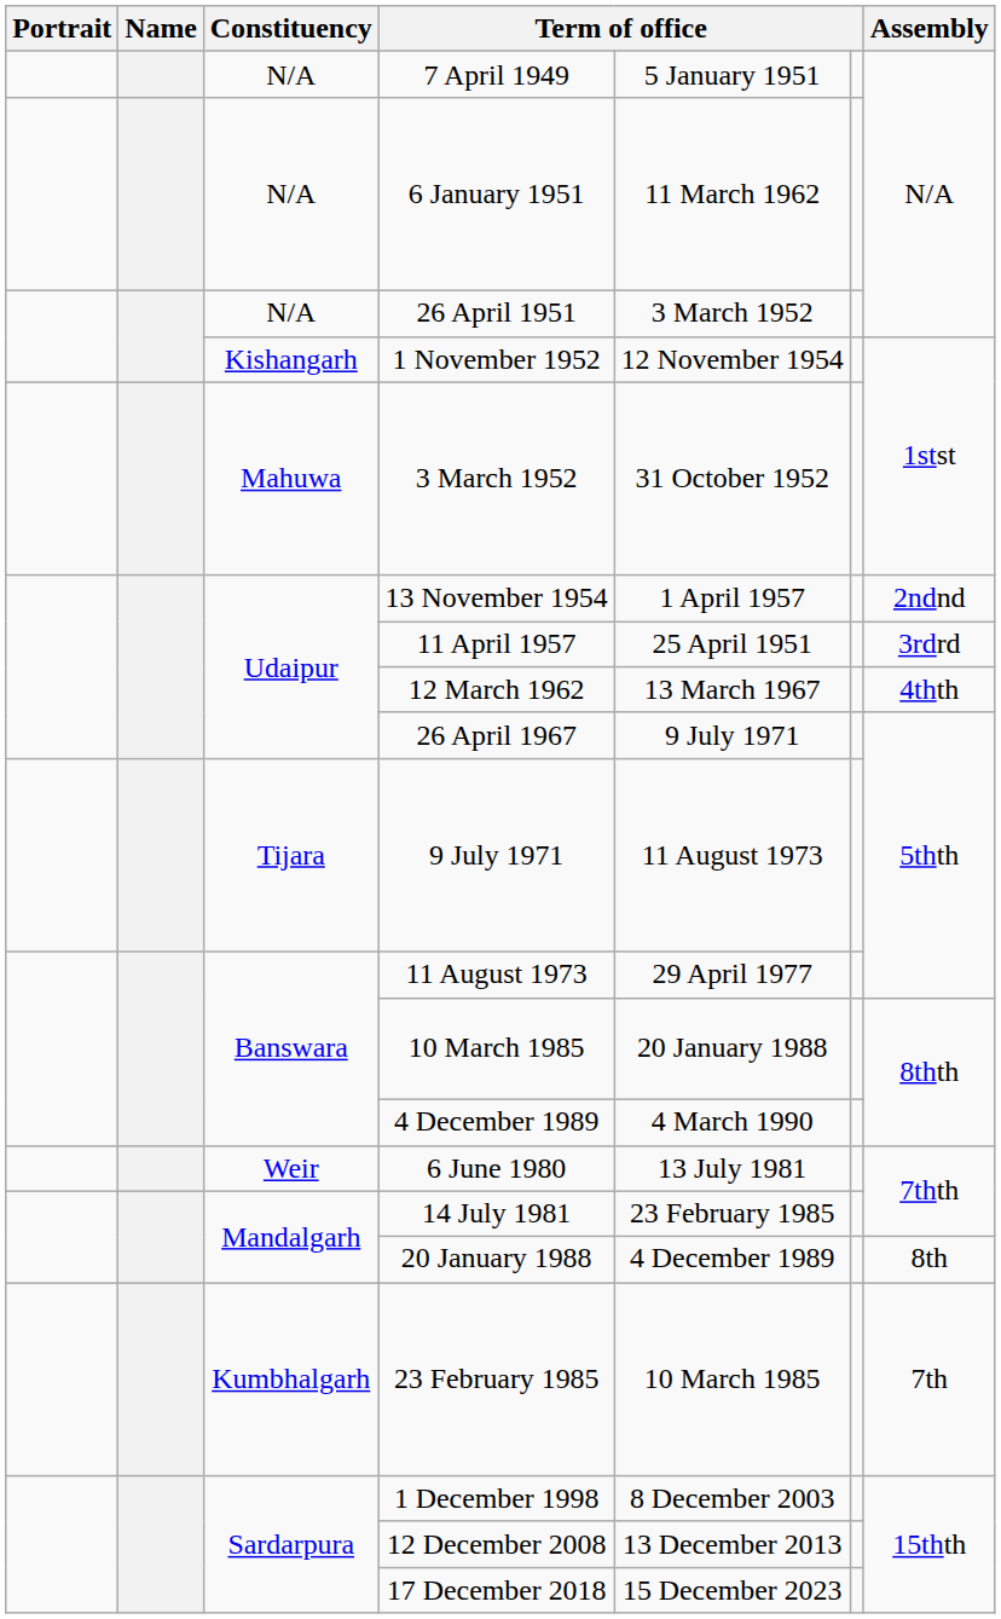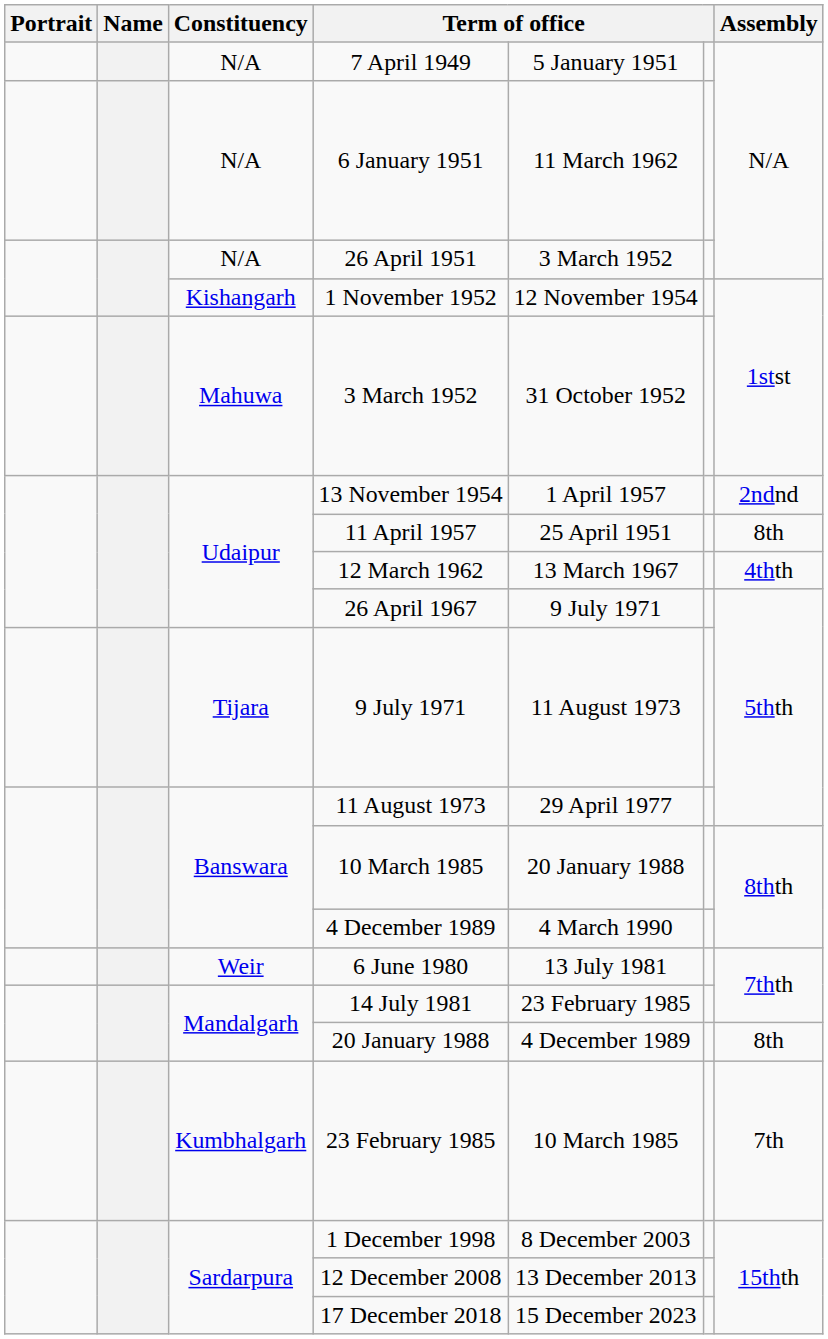 <table class="wikitable sortable" style="text-align:center">
 <tr align=center>
 <th class="unsortable" scope="col">Portrait</th>
 <th scope="col" class="sortable">Name</th>
 <th scope="col">Constituency</th>
 <th colspan=3 scope="colgroup">Term of office</th>
 <th>Assembly</th>
 </tr>
 <tr align=center>
 <td></td>
 <th scope="row"></th>
 <td>N/A</td>
 <td>7 April 1949</td>
 <td>5 January 1951</td>
 <td></td>
 <td rowspan="3">N/A</td>
 </tr>
 <tr align=center>
 <td align="center" height="100px"></td>
 <th scope="row"></th>
 <td>N/A</td>
 <td>6 January 1951</td>
 <td>11 March 1962</td>
 <td></td>
 </tr>
 <tr align=center>
 <td rowspan="2"></td>
 <th scope="row" rowspan="2"></th>
 <td>N/A</td>
 <td>26 April 1951</td>
 <td>3 March 1952</td>
 <td></td>
 </tr>
 <tr align=center>
 <td><a href='#'>Kishangarh</a></td>
 <td>1 November 1952</td>
 <td>12 November 1954</td>
 <td></td>
 <td rowspan="2"><a href='#'>1st</a>st</td>
 </tr>
 <tr align=center>
 <td align="center" height="100px"></td>
 <th scope="row"></th>
 <td><a href='#'>Mahuwa</a></td>
 <td>3 March 1952</td>
 <td>31 October 1952</td>
 <td></td>
 </tr>
 <tr align=center>
 <td rowspan="4"></td>
 <th scope="row" rowspan="4"></th>
 <td rowspan="4"><a href='#'>Udaipur</a></td>
 <td>13 November 1954</td>
 <td>1 April 1957</td>
 <td></td>
 <td><a href='#'>2nd</a>nd</td>
 </tr>
 <tr align=center>
 <td>11 April 1957</td>
 <td>25 April 1951</td>
 <td></td>
-<td><a href='#'>3rd</a>rd</td>
+<td>8th</td>
 </tr>
 <tr align=center>
 <td>12 March 1962</td>
 <td>13 March 1967</td>
 <td></td>
 <td><a href='#'>4th</a>th</td>
 </tr>
 <tr align=center>
 <td>26 April 1967</td>
 <td>9 July 1971</td>
 <td></td>
 <td rowspan="3"><a href='#'>5th</a>th</td>
 </tr>
 <tr align=center>
 <td align="center" height="100px"></td>
 <th scope="row"></th>
 <td><a href='#'>Tijara</a></td>
 <td>9 July 1971</td>
 <td>11 August 1973</td>
 <td></td>
 </tr>
 <tr align=center>
 <td rowspan="3" align="center" height="100px"></td>
 <th scope="row" rowspan="3"></th>
 <td rowspan="3"><a href='#'>Banswara</a></td>
 <td>11 August 1973</td>
 <td>29 April 1977</td>
 <td></td>
 </tr>
 <tr align=center>
 <td>10 March 1985</td>
 <td>20 January 1988</td>
 <td></td>
 <td rowspan="2"><a href='#'>8th</a>th</td>
 </tr>
 <tr align=center>
 <td>4 December 1989</td>
 <td>4 March 1990</td>
 <td></td>
 </tr>
 <tr align=center>
 <td></td>
 <th scope="row"></th>
 <td><a href='#'>Weir</a></td>
 <td>6 June 1980</td>
 <td>13 July 1981</td>
 <td></td>
 <td rowspan="2"><a href='#'>7th</a>th</td>
 </tr>
 <tr align=center>
 <td rowspan="2"></td>
 <th scope="row" rowspan="2"></th>
 <td rowspan="2"><a href='#'>Mandalgarh</a></td>
 <td>14 July 1981</td>
 <td>23 February 1985</td>
 <td></td>
 </tr>
 <tr align=center>
 <td>20 January 1988</td>
 <td>4 December 1989</td>
 <td></td>
 <td>8th</td>
 </tr>
 <tr align=center>
 <td align="center" height="100px"></td>
 <th scope="row"></th>
 <td><a href='#'>Kumbhalgarh</a></td>
 <td>23 February 1985</td>
 <td>10 March 1985</td>
 <td></td>
 <td>7th</td>
 </tr>
 <tr align=center>
 <td rowspan="3"></td>
 <th scope="row" rowspan="3"></th>
 <td rowspan="3"><a href='#'>Sardarpura</a></td>
 <td>1 December 1998</td>
 <td>8 December 2003</td>
 <td></td>
 <td rowspan="3"><a href='#'>15th</a>th</td>
 </tr>
 <tr>
 <td>12 December 2008</td>
 <td>13 December 2013</td>
 <td></td>
 </tr>
 <tr scope="row" style="text-align:center" style="background:">
 <td>17 December 2018</td>
 <td>15 December 2023</td>
 <td></td>
 </tr>
 </table>
